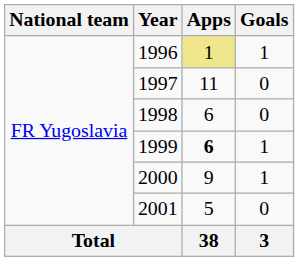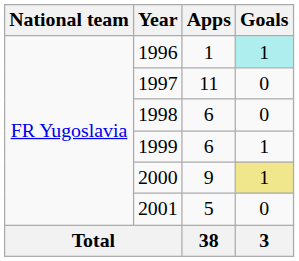 <table class="wikitable" style="text-align:center">
 <tr>
 <th>National team</th>
 <th>Year</th>
 <th>Apps</th>
 <th>Goals</th>
 </tr>
 <tr>
 <td rowspan="6"><a href='#'>FR Yugoslavia</a></td>
 <td>1996</td>
-<td style="background: khaki;">1</td>
 <td>1</td>
+<td style="background: paleturquoise;">1</td>
 </tr>
 <tr>
 <td>1997</td>
 <td>11</td>
 <td>0</td>
 </tr>
 <tr>
 <td>1998</td>
 <td>6</td>
 <td>0</td>
 </tr>
 <tr>
 <td>1999</td>
-<td><strong>6</strong></td>
+<td>6</td>
 <td>1</td>
 </tr>
 <tr>
 <td>2000</td>
 <td>9</td>
-<td>1</td>
+<td style="background: khaki;">1</td>
 </tr>
 <tr>
 <td>2001</td>
 <td>5</td>
 <td>0</td>
 </tr>
 <tr>
 <th colspan="2">Total</th>
 <th>38</th>
 <th>3</th>
 </tr>
 </table>
